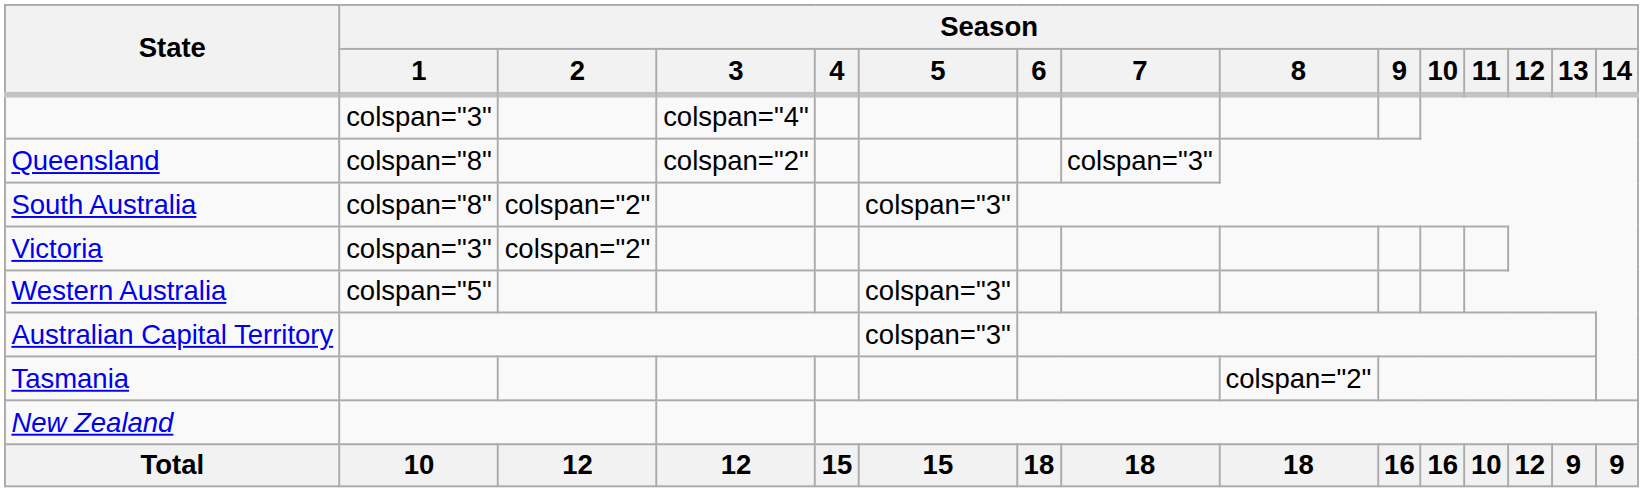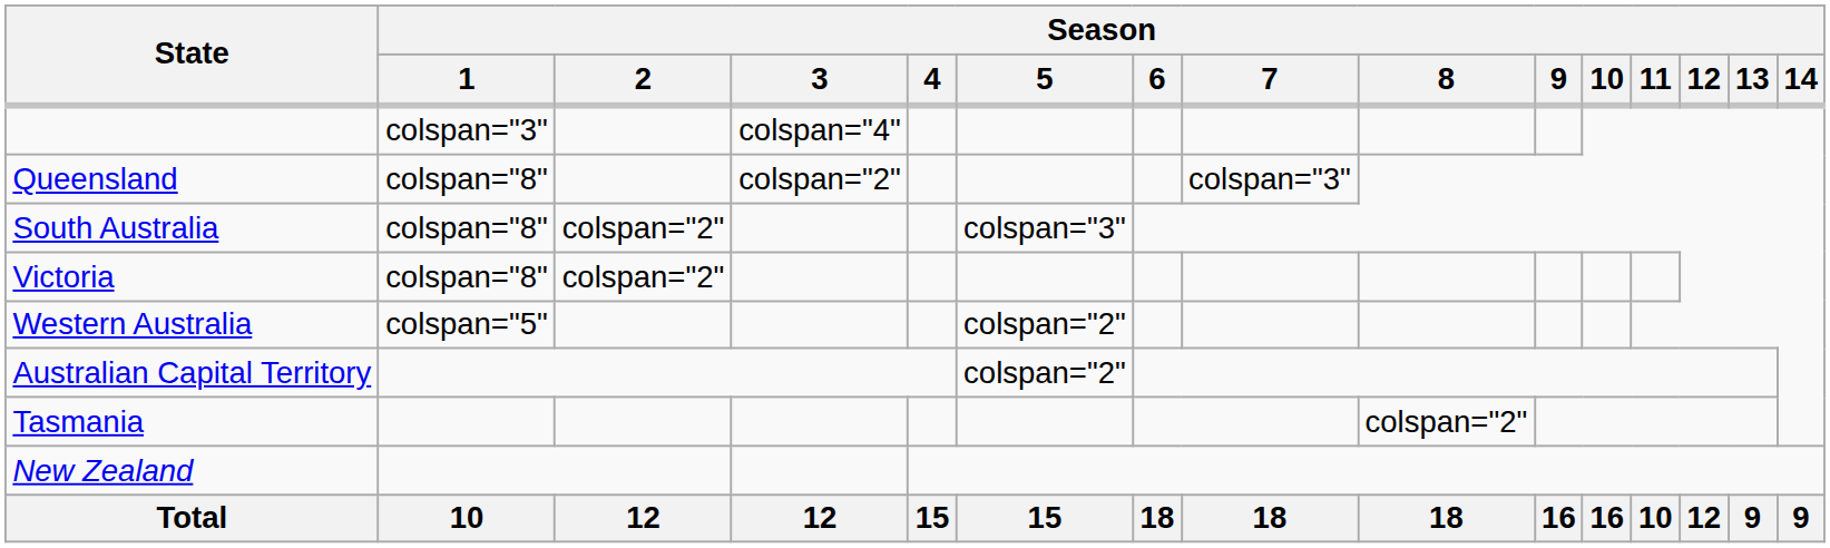 <table class="wikitable plainrowheaders" style="text-align:center; font-size:90%;">
 <tr>
 <th scope="col" rowspan="2">State</th>
 <th scope="col" colspan="14">Season</th>
 </tr>
 <tr>
 <th scope="col">1</th>
 <th scope="col">2</th>
 <th scope="col">3</th>
 <th scope="col">4</th>
 <th scope="col">5</th>
 <th scope="col">6</th>
 <th scope="col">7</th>
 <th scope="col">8</th>
 <th scope="col">9</th>
 <th scope="col">10</th>
 <th scope="col">11</th>
 <th scope="col">12</th>
 <th scope="col">13</th>
 <th scope="col">14</th>
 </tr>
 <tr style="border-top:3px solid #aaaa;">
 <td scope="row" style="text-align:left;"></td>
 <td>colspan="3" </td>
 <td></td>
 <td>colspan="4" </td>
 <td></td>
 <td></td>
 <td></td>
 <td></td>
 <td></td>
 <td></td>
 </tr>
 <tr>
 <td scope="row" style="text-align:left;"><a href='#'>Queensland</a></td>
 <td>colspan="8" </td>
 <td></td>
 <td>colspan="2" </td>
 <td></td>
 <td></td>
 <td></td>
 <td>colspan="3" </td>
 </tr>
 <tr>
 <td scope="row" style="text-align:left;"><a href='#'>South Australia</a></td>
 <td>colspan="8" </td>
 <td>colspan="2" </td>
 <td></td>
 <td></td>
 <td>colspan="3" </td>
 </tr>
 <tr>
 <td scope="row" style="text-align:left;"><a href='#'>Victoria</a></td>
-<td>colspan="3" </td>
+<td>colspan="8" </td>
 <td>colspan="2" </td>
 <td></td>
 <td></td>
 <td></td>
 <td></td>
 <td></td>
 <td></td>
 <td></td>
 <td></td>
 <td></td>
 </tr>
 <tr>
 <td scope="row" style="text-align:left;"><a href='#'>Western Australia</a></td>
 <td>colspan="5" </td>
 <td></td>
 <td></td>
 <td></td>
-<td>colspan="3" </td>
+<td>colspan="2" </td>
 <td></td>
 <td></td>
 <td></td>
 <td></td>
 <td></td>
 </tr>
 <tr>
 <td scope="row" style="text-align:left;"><a href='#'>Australian Capital Territory</a></td>
 <td colspan="4"></td>
-<td>colspan="3" </td>
+<td>colspan="2" </td>
 <td colspan="8"></td>
 </tr>
 <tr>
 <td scope="row" style="text-align:left;"><a href='#'>Tasmania</a></td>
 <td></td>
 <td></td>
 <td></td>
 <td></td>
 <td></td>
 <td colspan="2"></td>
 <td>colspan="2" </td>
 <td colspan=5></td>
 </tr>
 <tr>
 <td scope="row" style="text-align:left;"><em><a href='#'>New Zealand</a></em></td>
 <td colspan="2"></td>
 <td></td>
 <td colspan="11"></td>
 </tr>
 <tr>
 <th><strong>Total</strong></th>
 <th>10</th>
 <th>12</th>
 <th>12</th>
 <th>15</th>
 <th>15</th>
 <th>18</th>
 <th>18</th>
 <th>18</th>
 <th>16</th>
 <th>16</th>
 <th>10</th>
 <th>12</th>
 <th>9</th>
 <th>9</th>
 </tr>
 </table>
